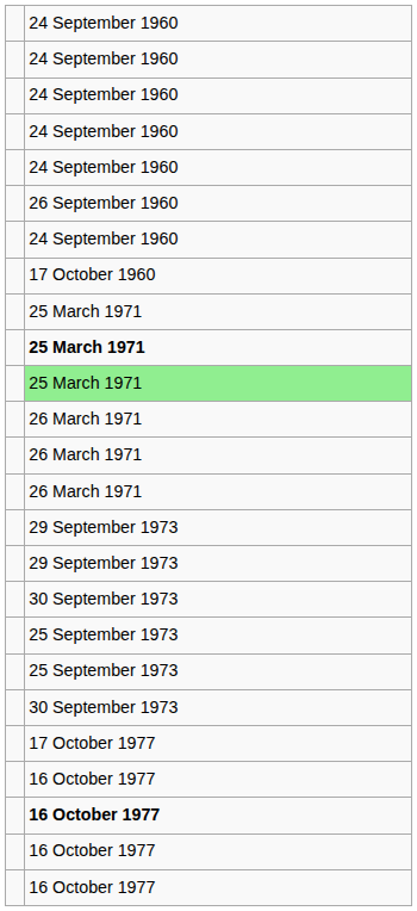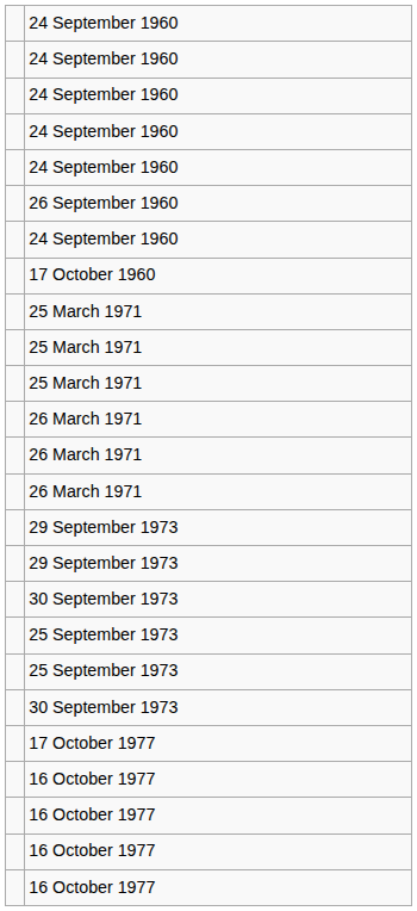 <table class="wikitable" style="font-size: 89%; float: left; width: 24em; margin-right: 1em; line-height: 1.65em">
 <tr>
 <td></td>
 <td>24 September 1960</td>
 </tr>
 <tr>
 <td></td>
 <td>24 September 1960</td>
 </tr>
 <tr>
 <td></td>
 <td>24 September 1960</td>
 </tr>
 <tr>
 <td></td>
 <td>24 September 1960</td>
 </tr>
 <tr>
 <td></td>
 <td>24 September 1960</td>
 </tr>
 <tr>
 <td></td>
 <td>26 September 1960</td>
 </tr>
 <tr>
 <td></td>
 <td>24 September 1960</td>
 </tr>
 <tr>
 <td></td>
 <td>17 October 1960</td>
 </tr>
 <tr>
 <td></td>
 <td>25 March 1971</td>
 </tr>
 <tr>
 <td></td>
-<td><strong>25 March 1971</strong></td>
+<td>25 March 1971</td>
 </tr>
 <tr>
 <td></td>
-<td style="background: lightgreen;">25 March 1971</td>
+<td>25 March 1971</td>
 </tr>
 <tr>
 <td></td>
 <td>26 March 1971</td>
 </tr>
 <tr>
 <td></td>
 <td>26 March 1971</td>
 </tr>
 <tr>
 <td></td>
 <td>26 March 1971</td>
 </tr>
 <tr>
 <td></td>
 <td>29 September 1973</td>
 </tr>
 <tr>
 <td></td>
 <td>29 September 1973</td>
 </tr>
 <tr>
 <td></td>
 <td>30 September 1973</td>
 </tr>
 <tr>
 <td></td>
 <td>25 September 1973</td>
 </tr>
 <tr>
 <td></td>
 <td>25 September 1973</td>
 </tr>
 <tr>
 <td></td>
 <td>30 September 1973</td>
 </tr>
 <tr>
 <td></td>
 <td>17 October 1977</td>
 </tr>
 <tr>
 <td></td>
 <td>16 October 1977</td>
 </tr>
 <tr>
 <td></td>
-<td><strong>16 October 1977</strong></td>
+<td>16 October 1977</td>
 </tr>
 <tr>
 <td></td>
 <td>16 October 1977</td>
 </tr>
 <tr>
 <td></td>
 <td>16 October 1977</td>
 </tr>
 </table>
